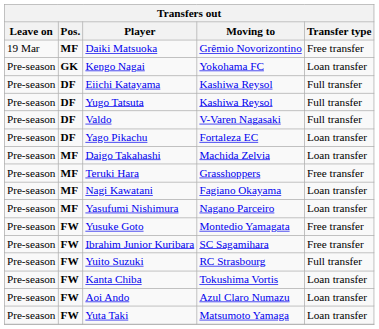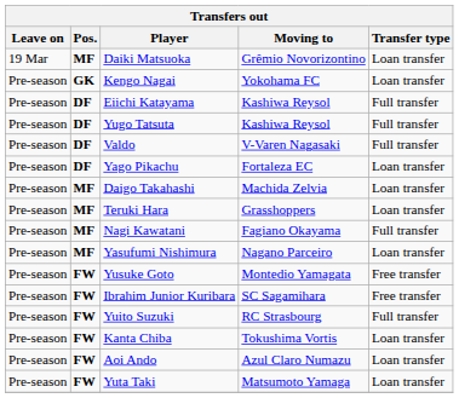 <table class="wikitable sortable" style=“text-align:left;>
 <tr>
 <th colspan="5">Transfers out</th>
 </tr>
 <tr>
 <th>Leave on</th>
 <th>Pos.</th>
 <th>Player</th>
 <th>Moving to</th>
 <th>Transfer type</th>
 </tr>
 <tr>
 <td>19 Mar</td>
 <td><strong>MF</strong></td>
 <td> <a href='#'>Daiki Matsuoka</a></td>
 <td> <a href='#'>Grêmio Novorizontino</a></td>
-<td>Free transfer</td>
+<td>Loan transfer</td>
 </tr>
 <tr>
 <td>Pre-season</td>
 <td><strong>GK</strong></td>
 <td> <a href='#'>Kengo Nagai</a></td>
 <td> <a href='#'>Yokohama FC</a></td>
 <td>Loan transfer</td>
 </tr>
 <tr>
 <td>Pre-season</td>
 <td><strong>DF</strong></td>
 <td> <a href='#'>Eiichi Katayama</a></td>
 <td> <a href='#'>Kashiwa Reysol</a></td>
 <td>Full transfer</td>
 </tr>
 <tr>
 <td>Pre-season</td>
 <td><strong>DF</strong></td>
 <td> <a href='#'>Yugo Tatsuta</a></td>
 <td> <a href='#'>Kashiwa Reysol</a></td>
 <td>Full transfer</td>
 </tr>
 <tr>
 <td>Pre-season</td>
 <td><strong>DF</strong></td>
 <td> <a href='#'>Valdo</a></td>
 <td> <a href='#'>V-Varen Nagasaki</a></td>
 <td>Full transfer</td>
 </tr>
 <tr>
 <td>Pre-season</td>
 <td><strong>DF</strong></td>
 <td> <a href='#'>Yago Pikachu</a></td>
 <td> <a href='#'>Fortaleza EC</a></td>
 <td>Loan transfer</td>
 </tr>
 <tr>
 <td>Pre-season</td>
 <td><strong>MF</strong></td>
 <td> <a href='#'>Daigo Takahashi</a></td>
 <td> <a href='#'>Machida Zelvia</a></td>
 <td>Loan transfer</td>
 </tr>
 <tr>
 <td>Pre-season</td>
 <td><strong>MF</strong></td>
 <td> <a href='#'>Teruki Hara</a></td>
 <td> <a href='#'>Grasshoppers</a></td>
-<td>Free transfer</td>
+<td>Loan transfer</td>
 </tr>
 <tr>
 <td>Pre-season</td>
 <td><strong>MF</strong></td>
 <td> <a href='#'>Nagi Kawatani</a></td>
 <td> <a href='#'>Fagiano Okayama</a></td>
-<td>Loan transfer</td>
+<td>Full transfer</td>
 </tr>
 <tr>
 <td>Pre-season</td>
 <td><strong>MF</strong></td>
 <td> <a href='#'>Yasufumi Nishimura</a></td>
 <td> <a href='#'>Nagano Parceiro</a></td>
 <td>Loan transfer</td>
 </tr>
 <tr>
 <td>Pre-season</td>
 <td><strong>FW</strong></td>
 <td> <a href='#'>Yusuke Goto</a></td>
 <td> <a href='#'>Montedio Yamagata</a></td>
 <td>Free transfer</td>
 </tr>
 <tr>
 <td>Pre-season</td>
 <td><strong>FW</strong></td>
 <td> <a href='#'>Ibrahim Junior Kuribara</a></td>
 <td> <a href='#'>SC Sagamihara</a></td>
 <td>Free transfer</td>
 </tr>
 <tr>
 <td>Pre-season</td>
 <td><strong>FW</strong></td>
 <td> <a href='#'>Yuito Suzuki</a></td>
 <td> <a href='#'>RC Strasbourg</a></td>
 <td>Full transfer</td>
 </tr>
 <tr>
 <td>Pre-season</td>
 <td><strong>FW</strong></td>
 <td> <a href='#'>Kanta Chiba</a></td>
 <td> <a href='#'>Tokushima Vortis</a></td>
 <td>Loan transfer</td>
 </tr>
 <tr>
 <td>Pre-season</td>
 <td><strong>FW</strong></td>
 <td> <a href='#'>Aoi Ando</a></td>
 <td> <a href='#'>Azul Claro Numazu</a></td>
 <td>Loan transfer</td>
 </tr>
 <tr>
 <td>Pre-season</td>
 <td><strong>FW</strong></td>
 <td> <a href='#'>Yuta Taki</a></td>
 <td> <a href='#'>Matsumoto Yamaga</a></td>
 <td>Loan transfer</td>
 </tr>
 <tr>
 </tr>
 </table>
